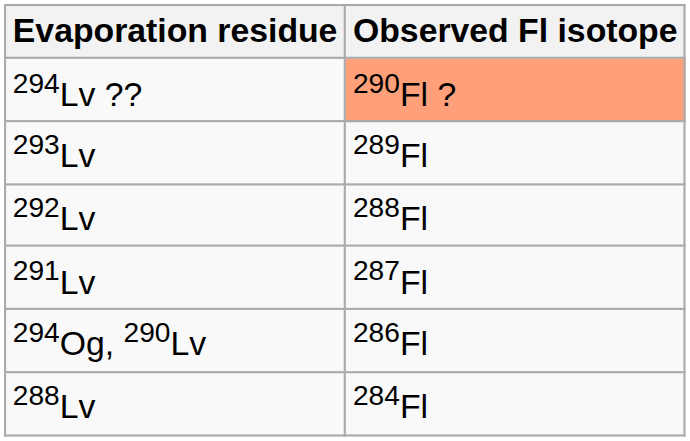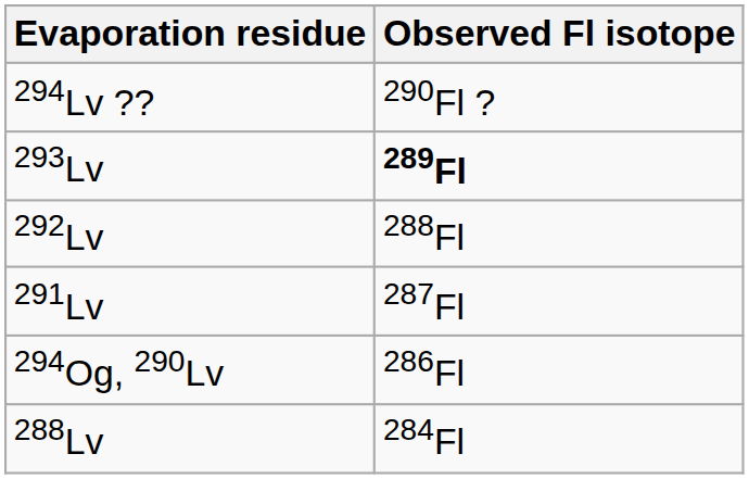 <table class="wikitable">
 <tr>
 <th>Evaporation residue</th>
 <th>Observed Fl isotope</th>
 </tr>
 <tr>
 <td><sup>294</sup>Lv ??</td>
-<td style="background: lightsalmon;"><sup>290</sup>Fl ?</td>
+<td><sup>290</sup>Fl ?</td>
 </tr>
 <tr>
 <td><sup>293</sup>Lv</td>
-<td><sup>289</sup>Fl</td>
+<td><strong><sup>289</sup>Fl</strong></td>
 </tr>
 <tr>
 <td><sup>292</sup>Lv</td>
 <td><sup>288</sup>Fl</td>
 </tr>
 <tr>
 <td><sup>291</sup>Lv</td>
 <td><sup>287</sup>Fl</td>
 </tr>
 <tr>
 <td><sup>294</sup>Og, <sup>290</sup>Lv</td>
 <td><sup>286</sup>Fl</td>
 </tr>
 <tr>
 <td><sup>288</sup>Lv</td>
 <td><sup>284</sup>Fl</td>
 </tr>
 </table>
